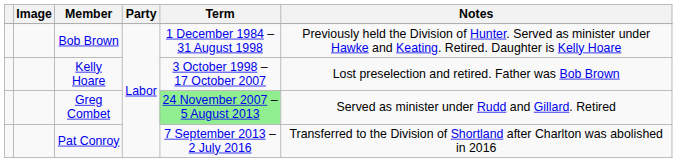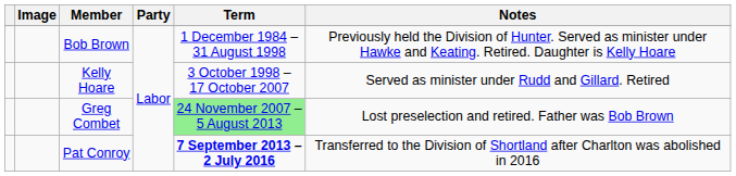 <table class=wikitable style="text-align:center">
 <tr>
 <th></th>
 <th>Image</th>
 <th>Member</th>
 <th>Party</th>
 <th>Term</th>
 <th>Notes</th>
 </tr>
 <tr>
 </tr>
 <tr>
 <td> </td>
 <td></td>
 <td><a href='#'>Bob Brown</a><br></td>
 <td rowspan="4"><a href='#'>Labor</a></td>
 <td nowrap><a href='#'>1 December 1984</a> –<br><a href='#'>31 August 1998</a></td>
 <td>Previously held the Division of <a href='#'>Hunter</a>. Served as minister under <a href='#'>Hawke</a> and <a href='#'>Keating</a>. Retired. Daughter is <a href='#'>Kelly Hoare</a></td>
 </tr>
 <tr>
 <td> </td>
 <td></td>
 <td><a href='#'>Kelly Hoare</a><br></td>
 <td nowrap><a href='#'>3 October 1998</a> –<br><a href='#'>17 October 2007</a></td>
-<td>Lost preselection and retired. Father was <a href='#'>Bob Brown</a></td>
+<td>Served as minister under <a href='#'>Rudd</a> and <a href='#'>Gillard</a>. Retired</td>
 </tr>
 <tr>
 <td> </td>
 <td></td>
 <td><a href='#'>Greg Combet</a><br></td>
 <td nowrap style="background: lightgreen;"><a href='#'>24 November 2007</a> –<br><a href='#'>5 August 2013</a></td>
-<td>Served as minister under <a href='#'>Rudd</a> and <a href='#'>Gillard</a>. Retired</td>
+<td>Lost preselection and retired. Father was <a href='#'>Bob Brown</a></td>
 </tr>
 <tr>
 <td> </td>
 <td></td>
 <td><a href='#'>Pat Conroy</a><br></td>
-<td nowrap><a href='#'>7 September 2013</a> –<br><a href='#'>2 July 2016</a></td>
+<td nowrap><strong><a href='#'>7 September 2013</a> –<br><a href='#'>2 July 2016</a></strong></td>
 <td>Transferred to the Division of <a href='#'>Shortland</a> after Charlton was abolished in 2016</td>
 </tr>
 </table>
